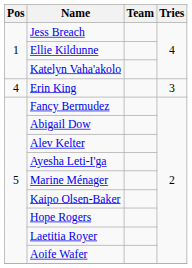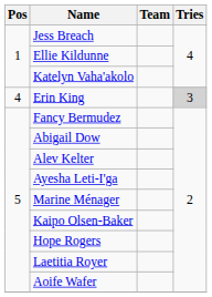 <table class="wikitable" style="text-align:center">
 <tr>
 <th>Pos</th>
 <th>Name</th>
 <th>Team</th>
 <th>Tries</th>
 </tr>
 <tr>
 <td rowspan=3>1</td>
 <td align="left"><a href='#'>Jess Breach</a></td>
 <td align="left"></td>
 <td rowspan=3>4</td>
 </tr>
 <tr>
 <td align="left"><a href='#'>Ellie Kildunne</a></td>
 <td align="left"></td>
 </tr>
 <tr>
 <td align="left"><a href='#'>Katelyn Vaha'akolo</a></td>
 <td align="left"></td>
 </tr>
 <tr>
 <td>4</td>
 <td align="left"><a href='#'>Erin King</a></td>
 <td align="left"></td>
-<td>3</td>
+<td style="background: lightgrey;">3</td>
 </tr>
 <tr>
 <td rowspan=9>5</td>
 <td align="left"><a href='#'>Fancy Bermudez</a></td>
 <td align="left"></td>
 <td rowspan=9>2</td>
 </tr>
 <tr>
 <td align="left"><a href='#'>Abigail Dow</a></td>
 <td align="left"></td>
 </tr>
 <tr>
 <td align="left"><a href='#'>Alev Kelter</a></td>
 <td align="left"></td>
 </tr>
 <tr>
 <td align="left"><a href='#'>Ayesha Leti-I'ga</a></td>
 <td align="left"></td>
 </tr>
 <tr>
 <td align="left"><a href='#'>Marine Ménager</a></td>
 <td align="left"></td>
 </tr>
 <tr>
 <td align="left"><a href='#'>Kaipo Olsen-Baker</a></td>
 <td align="left"></td>
 </tr>
 <tr>
 <td align="left"><a href='#'>Hope Rogers</a></td>
 <td align="left"></td>
 </tr>
 <tr>
 <td align="left"><a href='#'>Laetitia Royer</a></td>
 <td align="left"></td>
 </tr>
 <tr>
 <td align="left"><a href='#'>Aoife Wafer</a></td>
 <td align="left"></td>
 </tr>
 <tr>
 </tr>
 </table>
